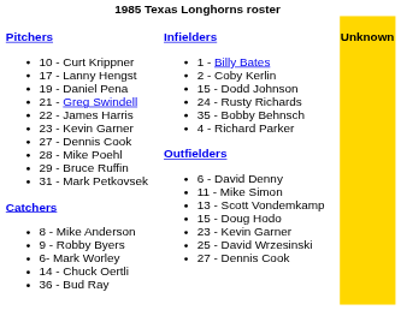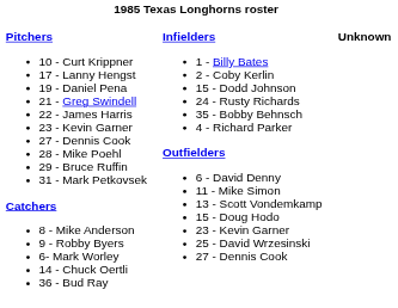 <table class="toccolours" style="border-collapse:collapse; font-size:90%;">
 <tr>
 <th colspan=9>1985 Texas Longhorns roster</th>
 </tr>
 <tr>
 <td width="03"> </td>
 <td valign="top"><br><strong><a href='#'>Pitchers</a></strong><ul><li>10 - Curt Krippner</li><li>17 - Lanny Hengst</li><li>19 - Daniel Pena</li><li>21 - <a href='#'>Greg Swindell</a></li><li>22 - James Harris</li><li>23 - Kevin Garner</li><li>27 - Dennis Cook</li><li>28 - Mike Poehl</li><li>29 - Bruce Ruffin</li><li>31 - Mark Petkovsek</li></ul><strong><a href='#'>Catchers</a></strong><ul><li>8 - Mike Anderson</li><li>9 - Robby Byers</li><li>6- Mark Worley</li><li>14 - Chuck Oertli</li><li>36 - Bud Ray</li></ul></td>
 <td width="15"> </td>
 <td valign="top"><br><strong><a href='#'>Infielders</a></strong><ul><li>1 - <a href='#'>Billy Bates</a></li><li>2 - Coby Kerlin</li><li>15 - Dodd Johnson</li><li>24 - Rusty Richards</li><li>35 - Bobby Behnsch</li><li>4 - Richard Parker</li></ul><strong><a href='#'>Outfielders</a></strong><ul><li>6 - David Denny</li><li>11 - Mike Simon</li><li>13 - Scott Vondemkamp</li><li>15 - Doug Hodo</li><li>23 - Kevin Garner</li><li>25 - David Wrzesinski</li><li>27 - Dennis Cook</li></ul></td>
 <td width="15"> </td>
-<td valign="top" style="background: gold;"><br><strong>Unknown</strong></td>
+<td valign="top"><br><strong>Unknown</strong></td>
 </tr>
 </table>
